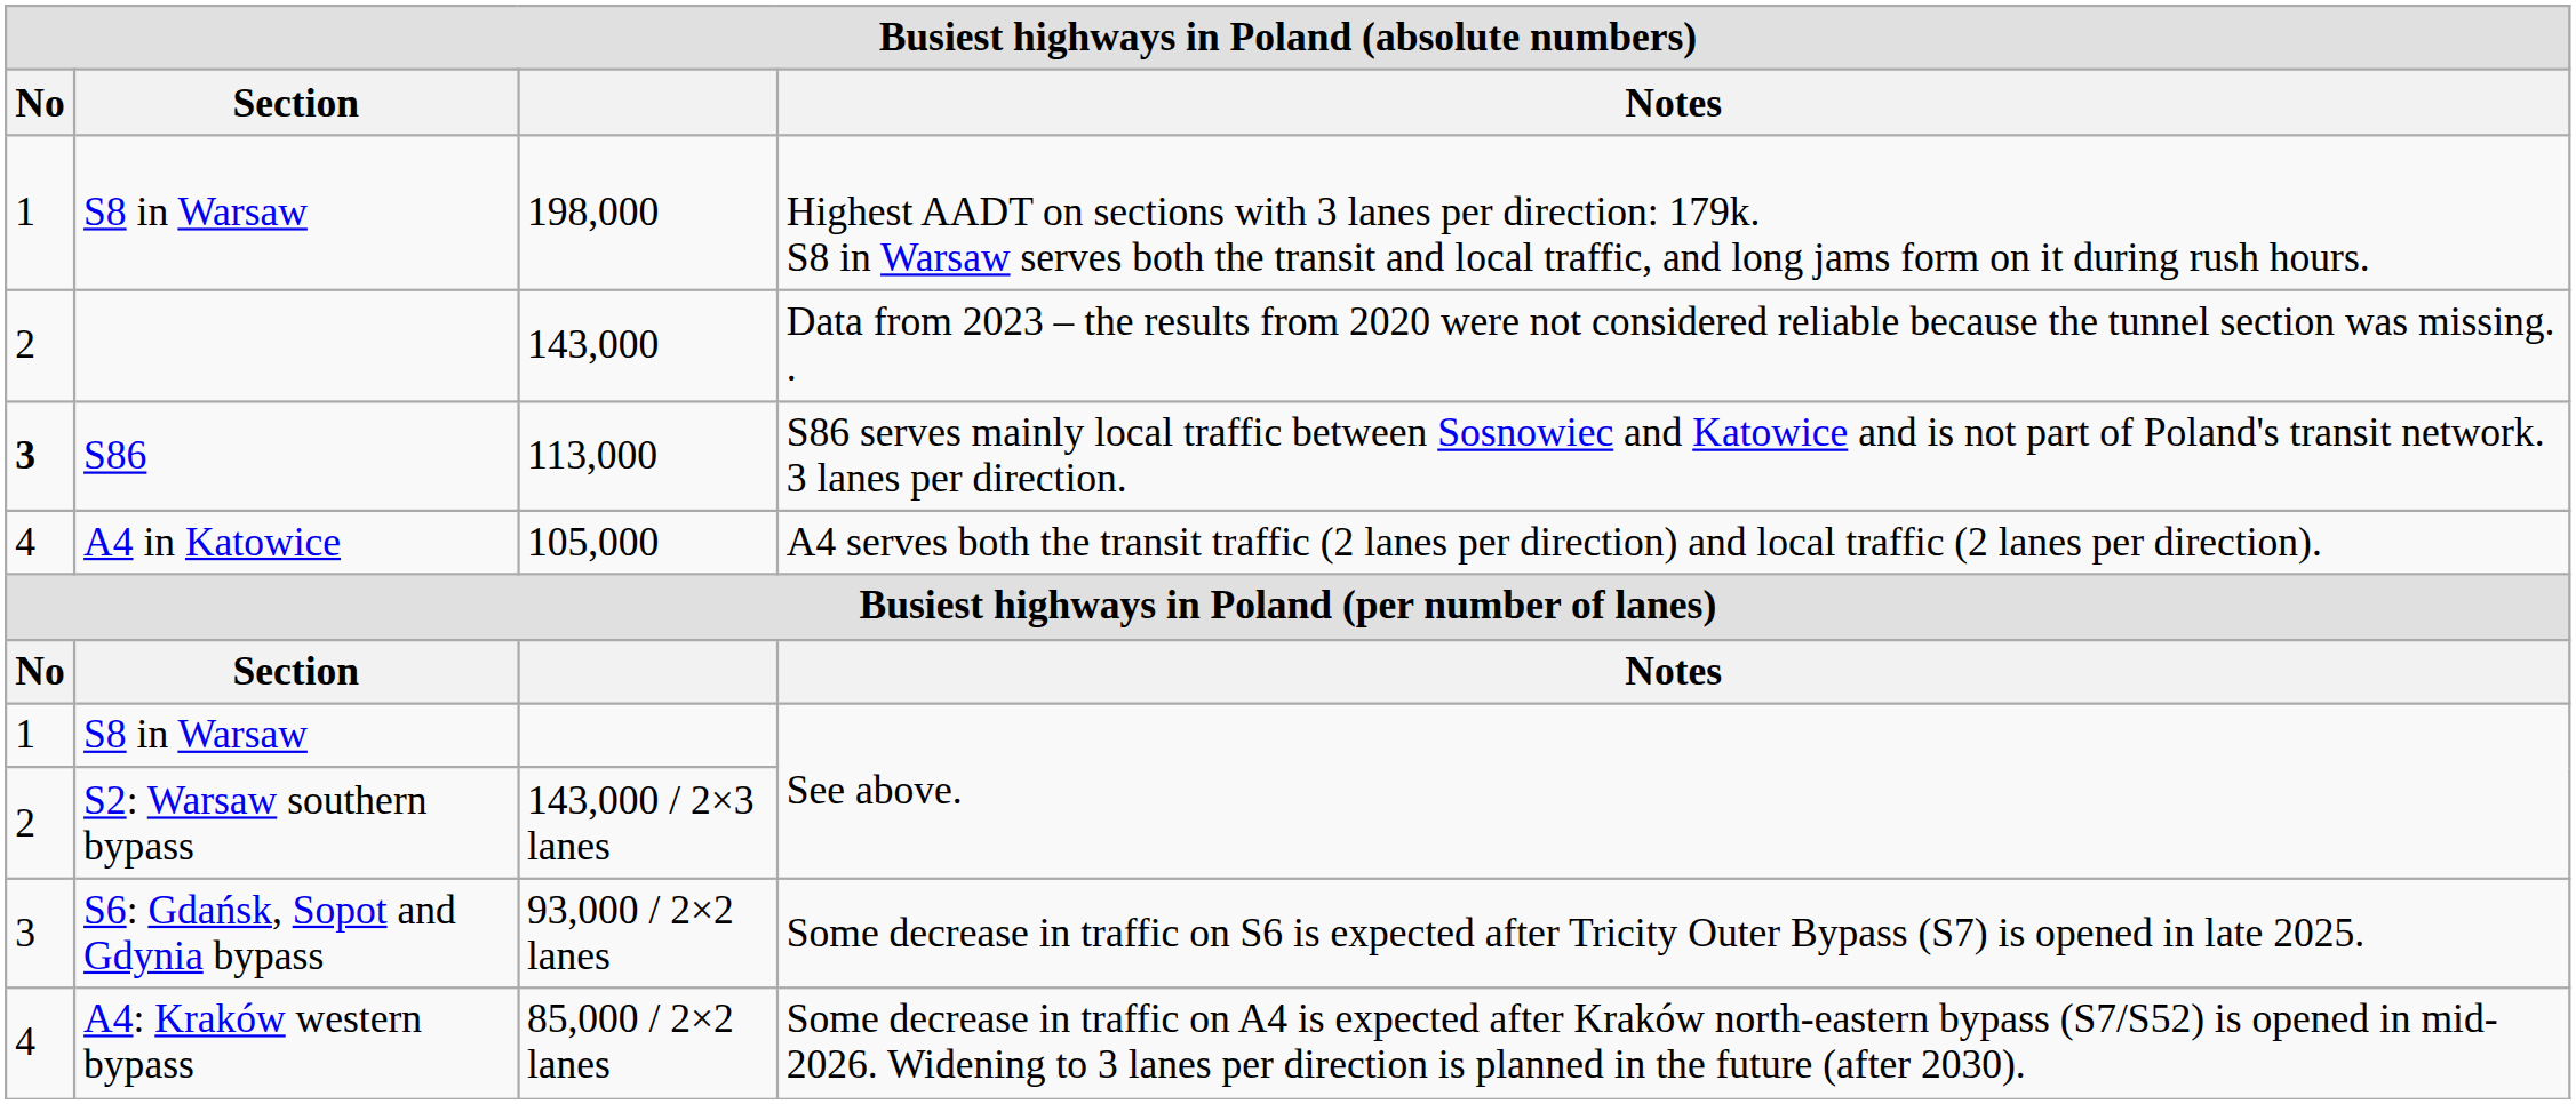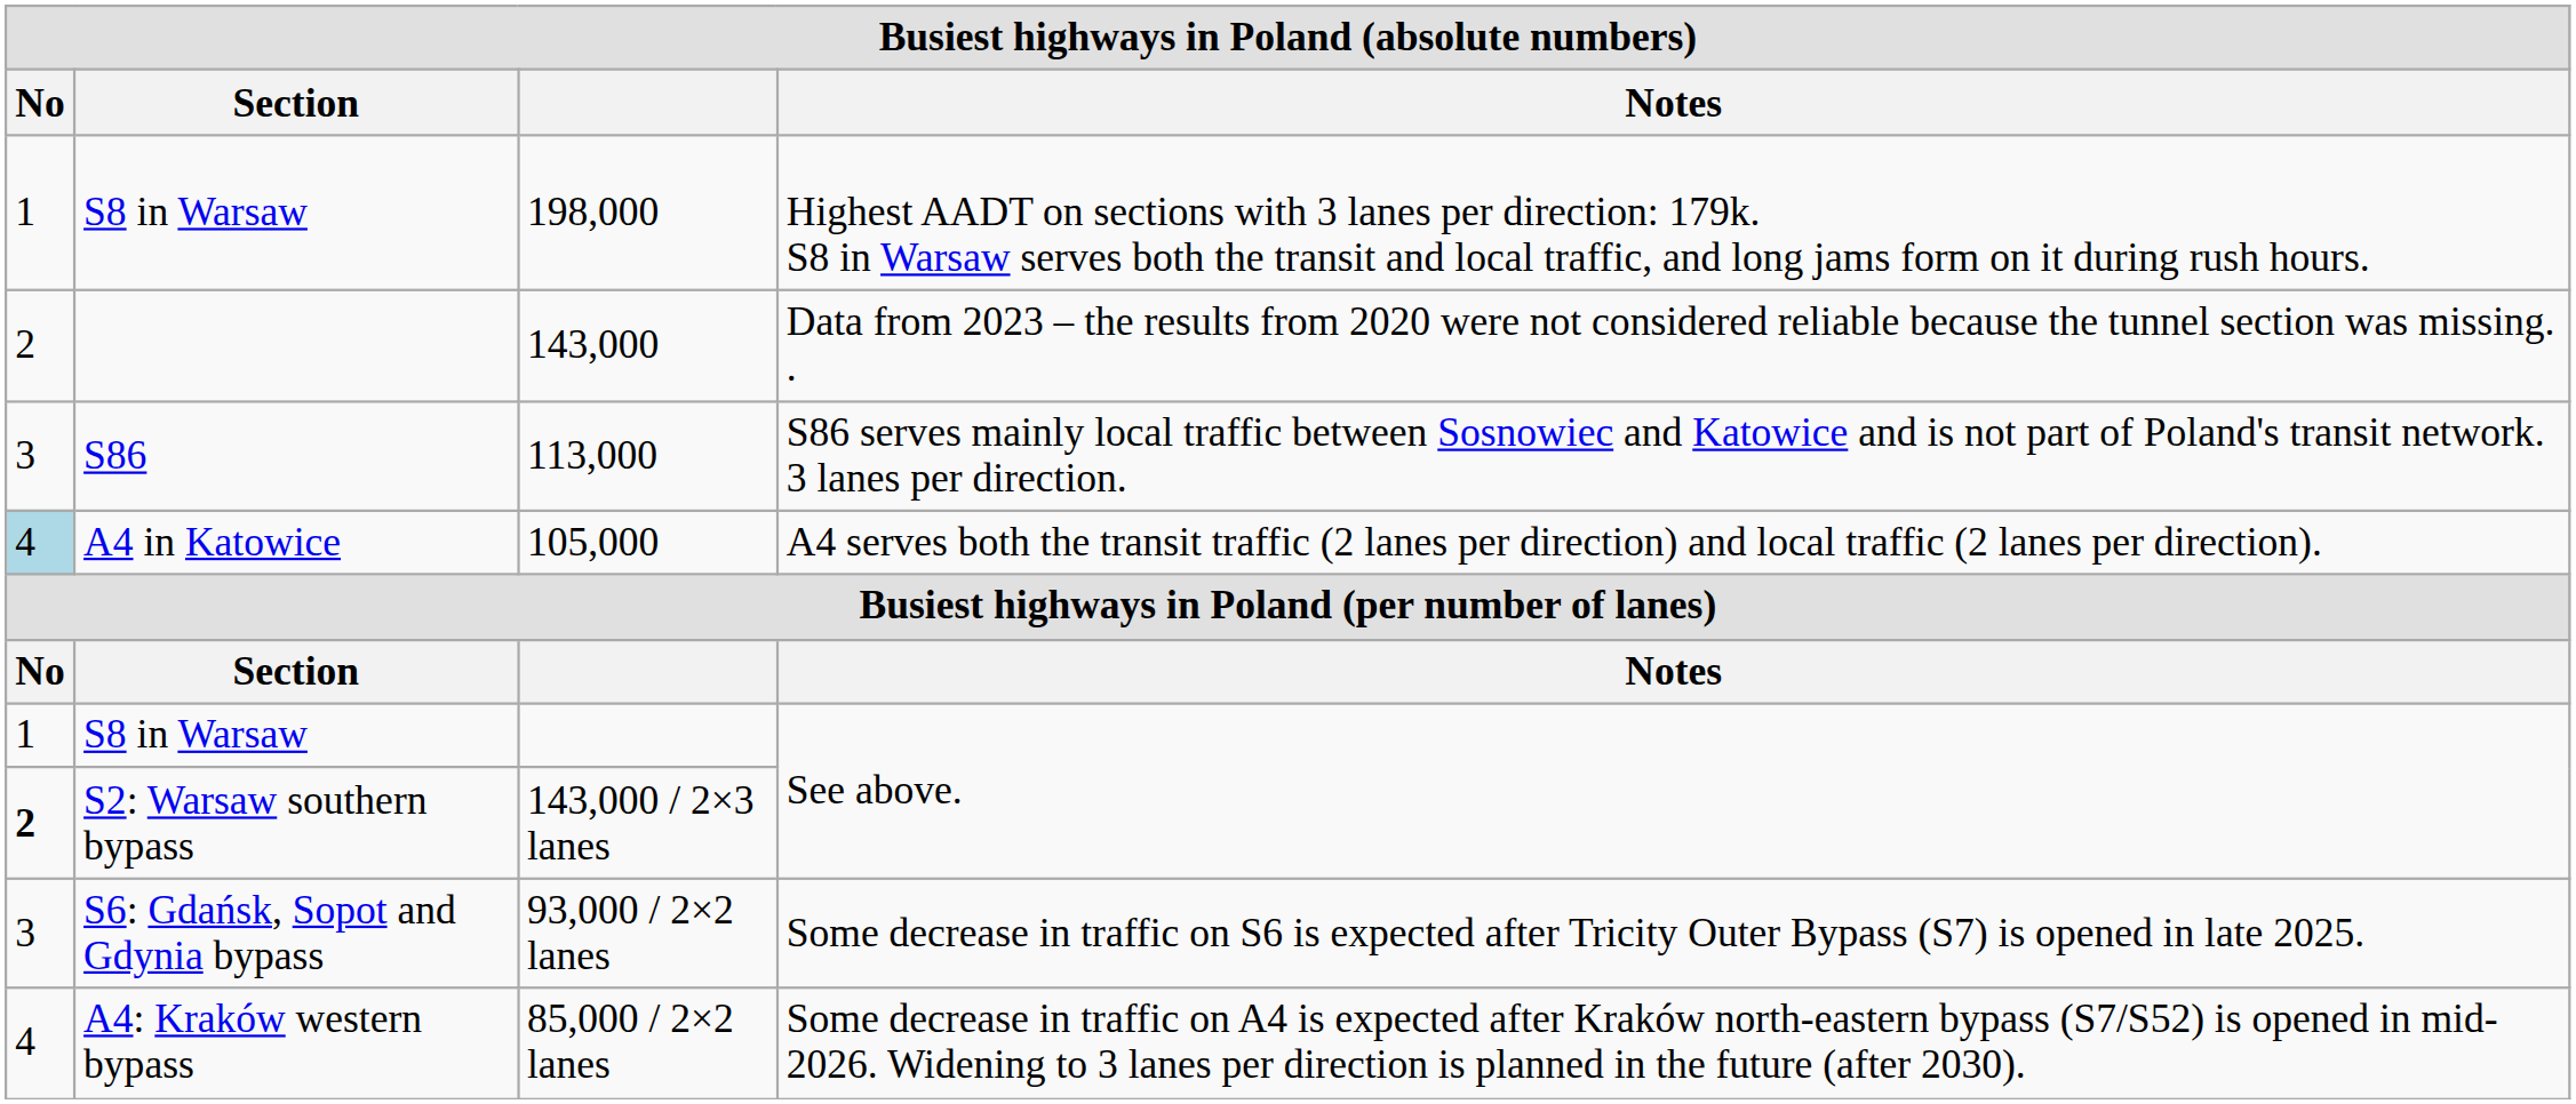 <table class="wikitable" style="width: 80%; font-size:100%; text-align:left;">
 <tr>
 <th colspan="4" style="background-color:#E0E0E0;">Busiest highways in Poland (absolute numbers)</th>
 </tr>
 <tr>
 <th scope="col">No</th>
 <th scope="col">Section</th>
 <th scope="col"></th>
 <th scope="col">Notes</th>
 </tr>
 <tr>
 <td>1</td>
 <td><a href='#'>S8</a> in <a href='#'>Warsaw</a></td>
 <td>198,000</td>
 <td><br>Highest AADT on sections with 3 lanes per direction: 179k.<br>S8 in <a href='#'>Warsaw</a> serves both the transit and local traffic, and long jams form on it during rush hours. </td>
 </tr>
 <tr>
 <td>2</td>
 <td></td>
 <td>143,000</td>
 <td>Data from 2023 – the results from 2020 were not considered reliable because the tunnel section was missing. . </td>
 </tr>
 <tr>
-<td><strong>3</strong></td>
+<td>3</td>
 <td><a href='#'>S86</a></td>
 <td>113,000</td>
 <td>S86 serves mainly local traffic between <a href='#'>Sosnowiec</a> and <a href='#'>Katowice</a> and is not part of Poland's transit network. 3 lanes per direction.</td>
 </tr>
 <tr>
-<td>4</td>
+<td style="background: lightblue;">4</td>
 <td><a href='#'>A4</a> in <a href='#'>Katowice</a></td>
 <td>105,000</td>
 <td>A4 serves both the transit traffic (2 lanes per direction) and local traffic (2 lanes per direction).</td>
 </tr>
 <tr>
 <th colspan="4" style="background-color:#E0E0E0;">Busiest highways in Poland (per number of lanes)</th>
 </tr>
 <tr>
 <th scope="col">No</th>
 <th scope="col">Section</th>
 <th scope="col"> </th>
 <th scope="col">Notes</th>
 </tr>
 <tr>
 <td>1</td>
 <td><a href='#'>S8</a> in <a href='#'>Warsaw</a></td>
 <td></td>
 <td rowspan="2">See above.</td>
 </tr>
 <tr>
-<td>2</td>
+<td><strong>2</strong></td>
 <td><a href='#'>S2</a>: <a href='#'>Warsaw</a> southern bypass</td>
 <td>143,000 / 2×3 lanes</td>
 </tr>
 <tr>
 <td>3</td>
 <td><a href='#'>S6</a>: <a href='#'>Gdańsk</a>, <a href='#'>Sopot</a> and <a href='#'>Gdynia</a> bypass</td>
 <td>93,000 / 2×2 lanes</td>
 <td>Some decrease in traffic on S6 is expected after Tricity Outer Bypass (S7) is opened in late 2025.</td>
 </tr>
 <tr>
 <td>4</td>
 <td><a href='#'>A4</a>: <a href='#'>Kraków</a> western bypass</td>
 <td>85,000 / 2×2 lanes</td>
 <td>Some decrease in traffic on A4 is expected after Kraków north-eastern bypass (S7/S52) is opened in mid-2026. Widening to 3 lanes per direction is planned in the future (after 2030).</td>
 </tr>
 <tr>
 </tr>
 </table>
